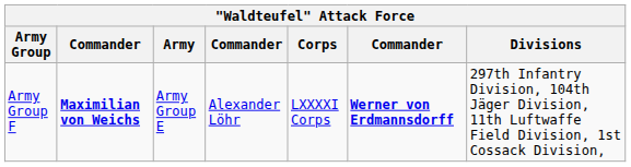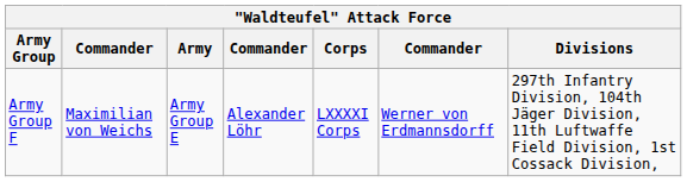 <table class="wikitable mw-collapsible mw-collapsed">
 <tr>
 <th colspan="7">"Waldteufel" Attack Force</th>
 </tr>
 <tr>
 <th>Army Group</th>
 <th>Commander</th>
 <th>Army</th>
 <th>Commander</th>
 <th>Corps</th>
 <th>Commander</th>
 <th>Divisions</th>
 </tr>
 <tr>
 <td><a href='#'>Army Group F</a></td>
-<td><strong><a href='#'>Maximilian von Weichs</a></strong></td>
+<td><a href='#'>Maximilian von Weichs</a></td>
 <td><a href='#'>Army Group E</a></td>
 <td><a href='#'>Alexander Löhr</a></td>
 <td><a href='#'>LXXXXI Corps</a></td>
-<td><strong><a href='#'>Werner von Erdmannsdorff</a></strong></td>
+<td><a href='#'>Werner von Erdmannsdorff</a></td>
 <td>297th Infantry Division, 104th Jäger Division, 11th Luftwaffe Field Division, 1st Cossack Division,</td>
 </tr>
 </table>
